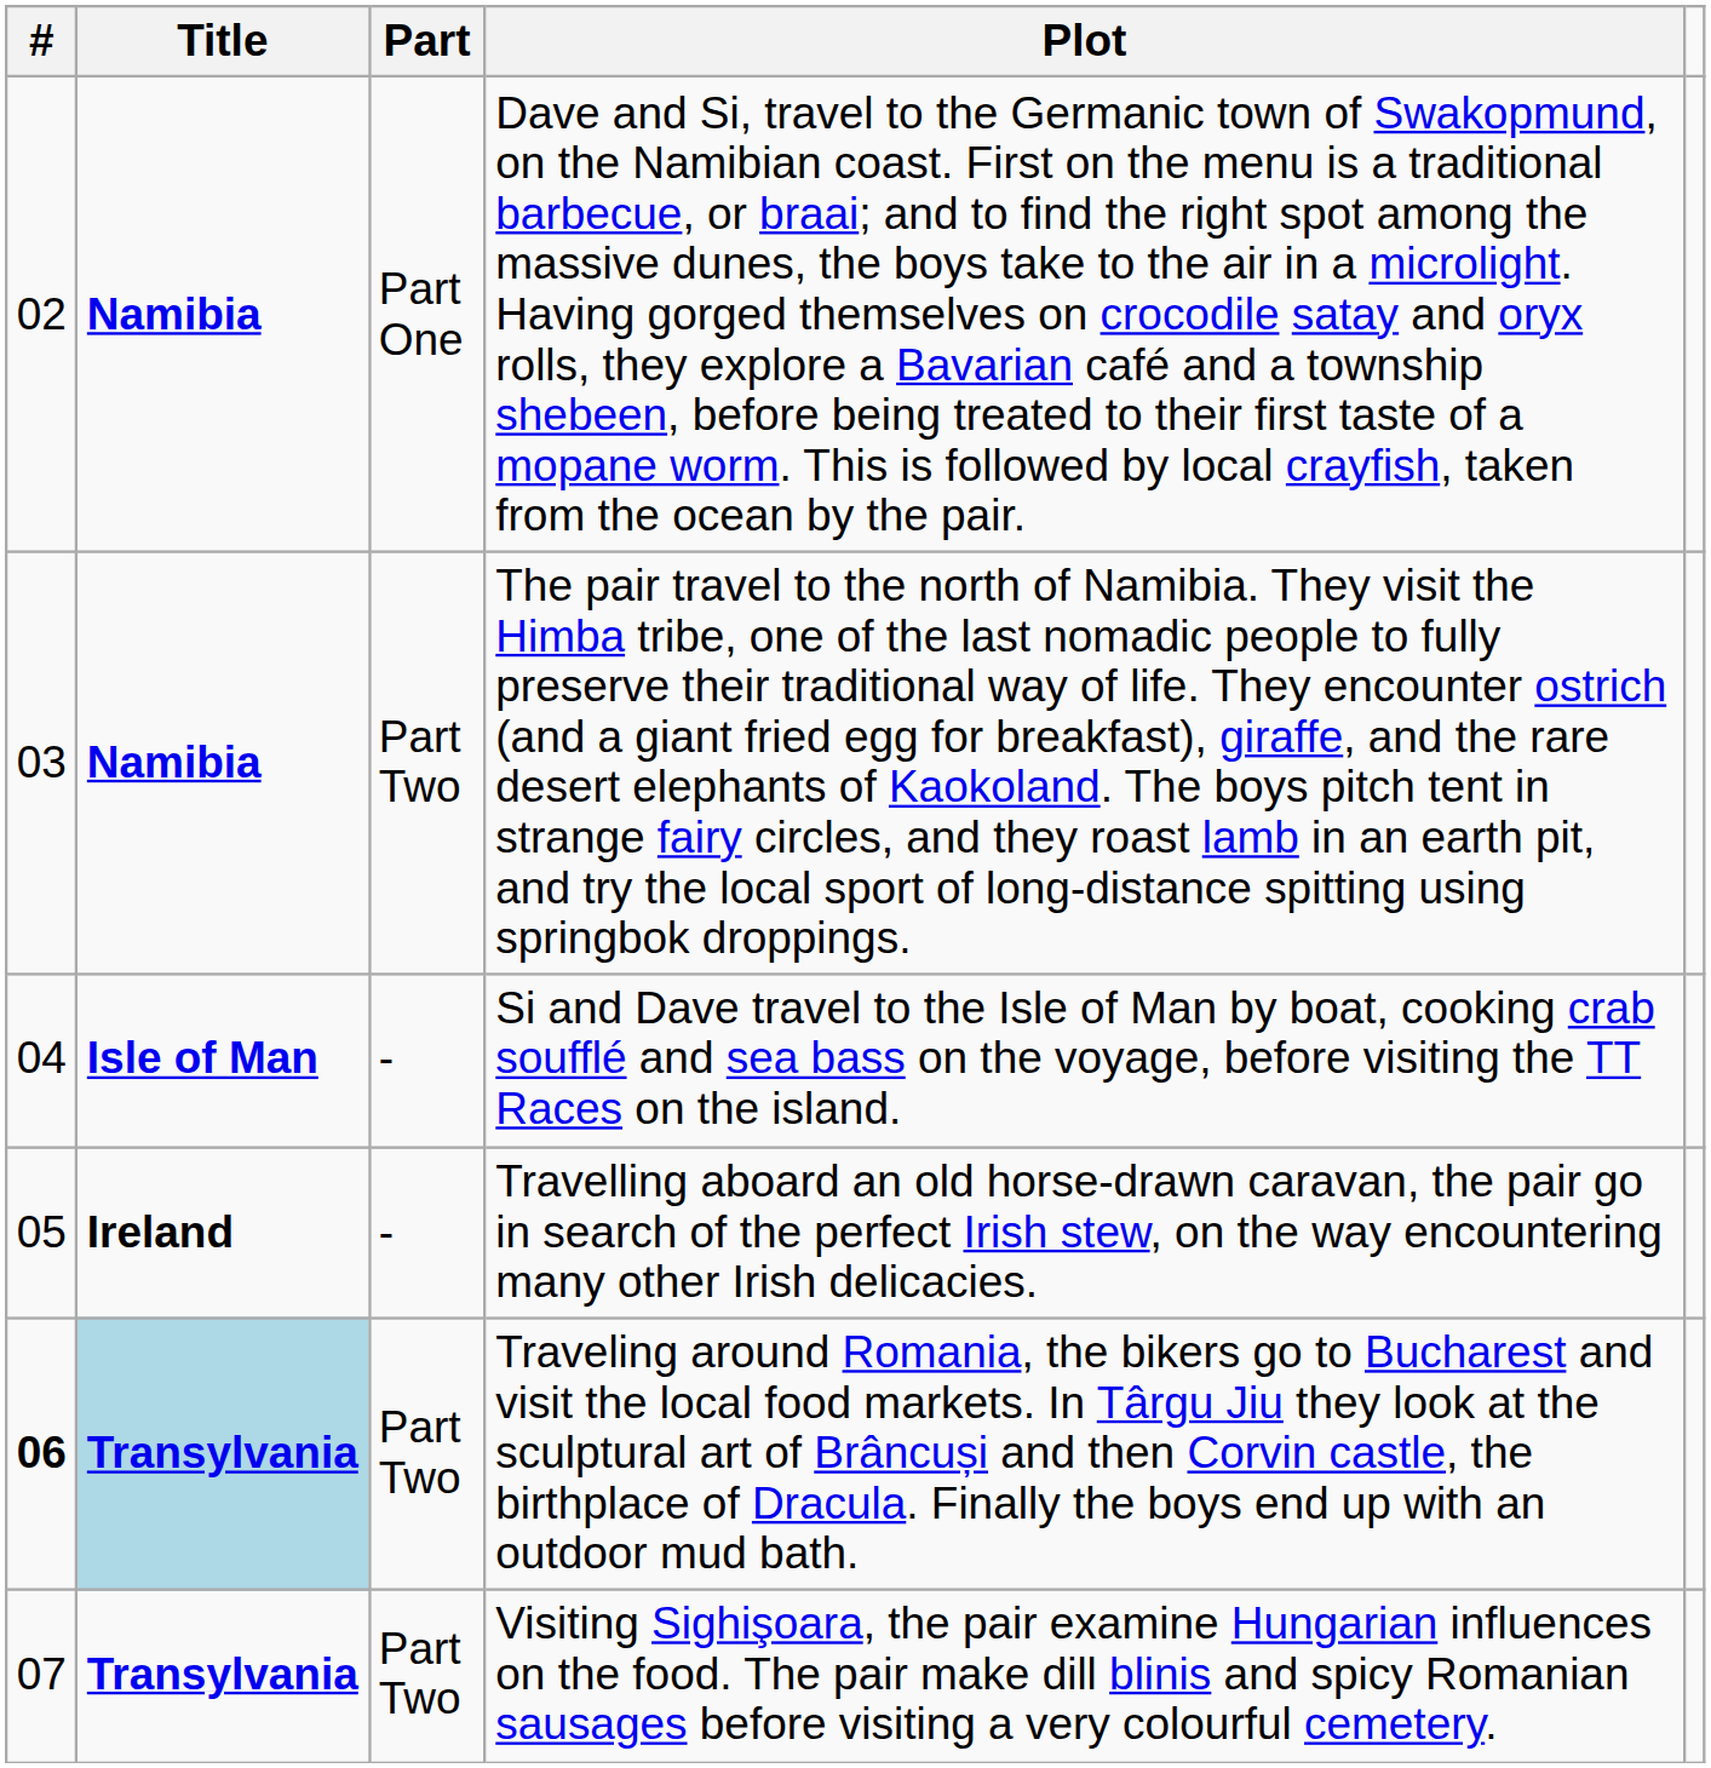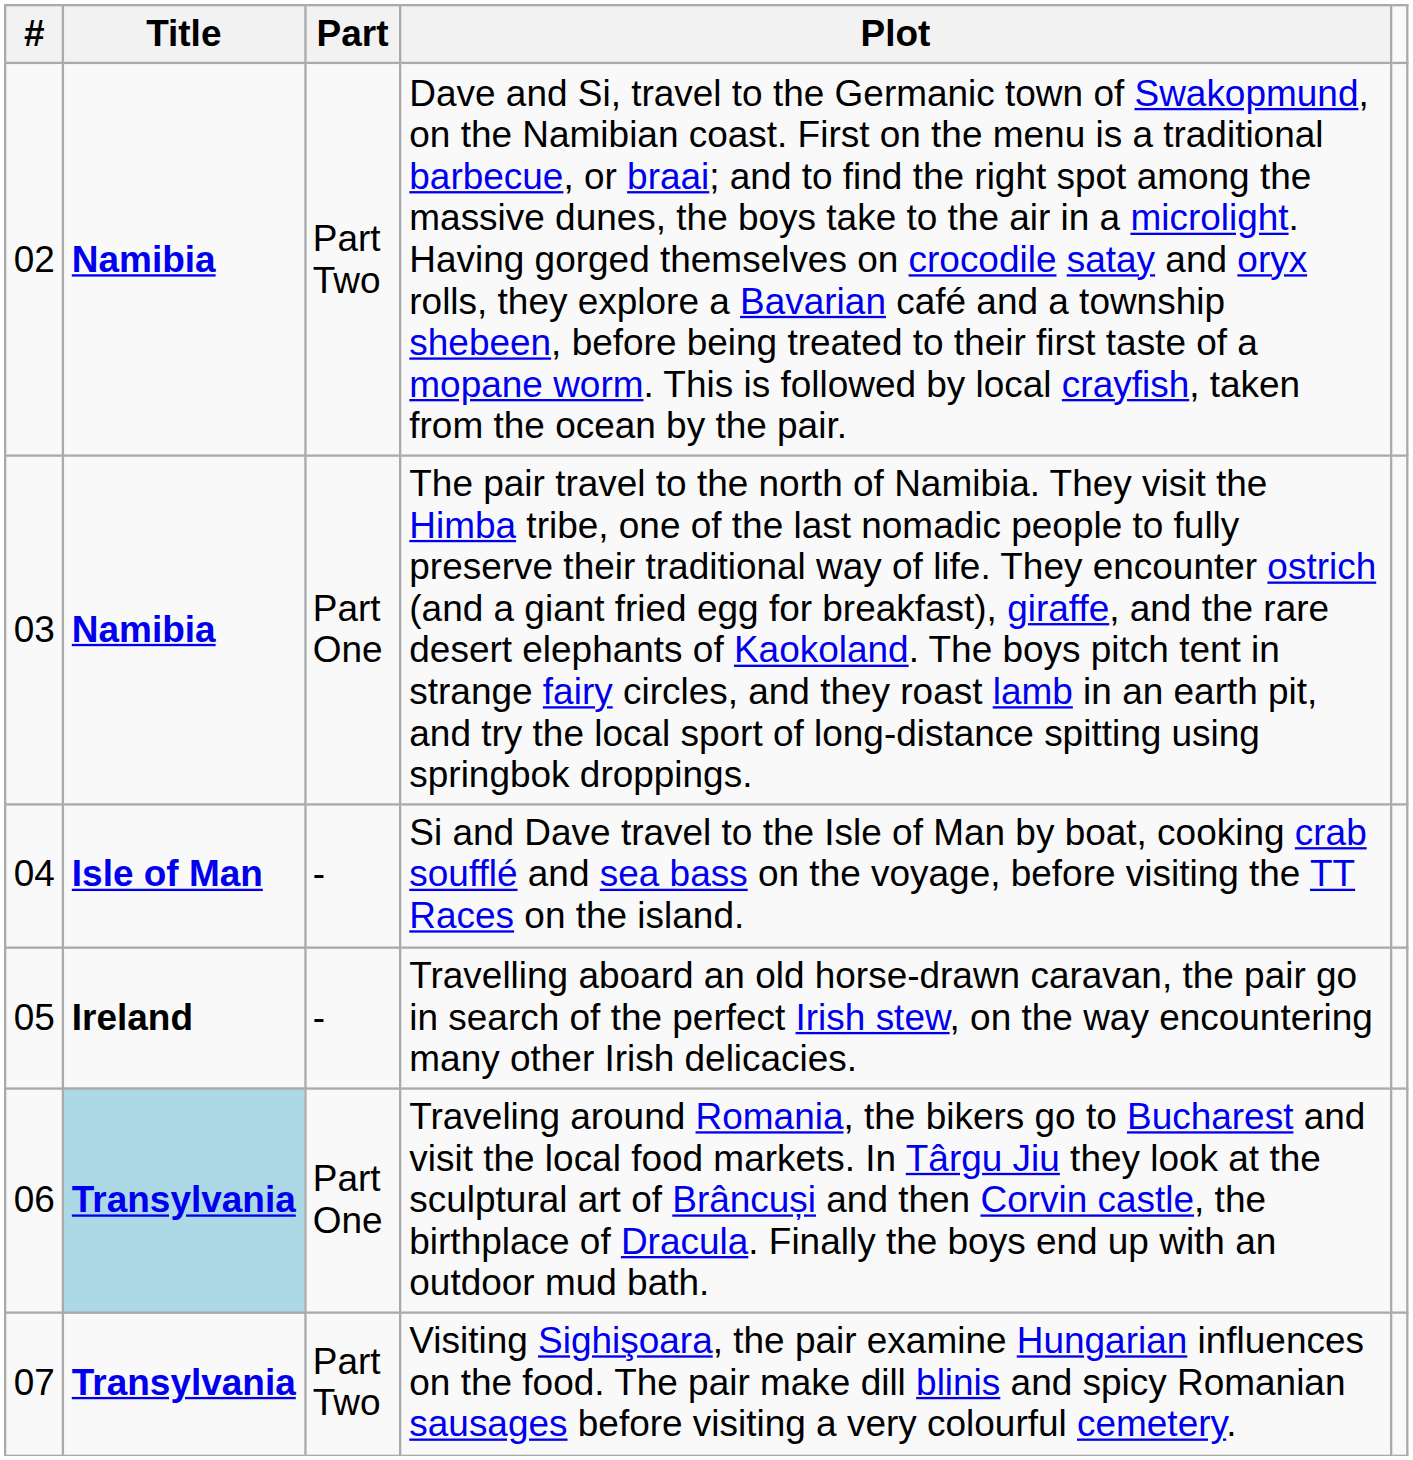 <table class="wikitable">
 <tr>
 <th>#</th>
 <th>Title</th>
 <th>Part</th>
 <th>Plot</th>
 </tr>
 <tr>
 <td>02</td>
 <td><strong><a href='#'>Namibia</a></strong></td>
-<td>Part One</td>
+<td>Part Two</td>
 <td>Dave and Si, travel to the Germanic town of <a href='#'>Swakopmund</a>, on the Namibian coast. First on the menu is a traditional <a href='#'>barbecue</a>, or <a href='#'>braai</a>; and to find the right spot among the massive dunes, the boys take to the air in a <a href='#'>microlight</a>. Having gorged themselves on <a href='#'>crocodile</a> <a href='#'>satay</a> and <a href='#'>oryx</a> rolls, they explore a <a href='#'>Bavarian</a> café and a township <a href='#'>shebeen</a>, before being treated to their first taste of a <a href='#'>mopane worm</a>. This is followed by local <a href='#'>crayfish</a>, taken from the ocean by the pair.</td>
 <td></td>
 </tr>
 <tr>
 <td>03</td>
 <td><strong><a href='#'>Namibia</a></strong></td>
-<td>Part Two</td>
+<td>Part One</td>
 <td>The pair travel to the north of Namibia. They visit the <a href='#'>Himba</a> tribe, one of the last nomadic people to fully preserve their traditional way of life. They encounter <a href='#'>ostrich</a> (and a giant fried egg for breakfast), <a href='#'>giraffe</a>, and the rare desert elephants of <a href='#'>Kaokoland</a>. The boys pitch tent in strange <a href='#'>fairy</a> circles, and they roast <a href='#'>lamb</a> in an earth pit, and try the local sport of long-distance spitting using springbok droppings.</td>
 <td></td>
 </tr>
 <tr>
 <td>04</td>
 <td><strong><a href='#'>Isle of Man</a></strong></td>
 <td>-</td>
 <td>Si and Dave travel to the Isle of Man by boat, cooking <a href='#'>crab</a> <a href='#'>soufflé</a> and <a href='#'>sea bass</a> on the voyage, before visiting the <a href='#'>TT Races</a> on the island.</td>
 <td></td>
 </tr>
 <tr>
 <td>05</td>
 <td><strong>Ireland</strong></td>
 <td>-</td>
 <td>Travelling aboard an old horse-drawn caravan, the pair go in search of the perfect <a href='#'>Irish stew</a>, on the way encountering many other Irish delicacies.</td>
 <td></td>
 </tr>
 <tr>
-<td><strong>06</strong></td>
+<td>06</td>
 <td style="background: lightblue;"><strong><a href='#'>Transylvania</a></strong></td>
-<td>Part Two</td>
+<td>Part One</td>
 <td>Traveling around <a href='#'>Romania</a>, the bikers go to <a href='#'>Bucharest</a> and visit the local food markets. In <a href='#'>Târgu Jiu</a> they look at the sculptural art of <a href='#'>Brâncuși</a> and then <a href='#'>Corvin castle</a>, the birthplace of <a href='#'>Dracula</a>. Finally the boys end up with an outdoor mud bath.</td>
 <td></td>
 </tr>
 <tr>
 <td>07</td>
 <td><strong><a href='#'>Transylvania</a></strong></td>
 <td>Part Two</td>
 <td>Visiting <a href='#'>Sighişoara</a>, the pair examine <a href='#'>Hungarian</a> influences on the food. The pair make dill <a href='#'>blinis</a> and spicy Romanian <a href='#'>sausages</a> before visiting a very colourful <a href='#'>cemetery</a>.</td>
 <td></td>
 </tr>
 </table>
